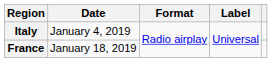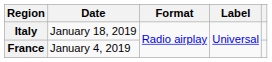 <table class="wikitable plainrowheaders">
 <tr>
 <th scope="col">Region</th>
 <th scope="col">Date</th>
 <th scope="col">Format</th>
 <th scope="col">Label</th>
 <th scope="col"></th>
 </tr>
 <tr>
 <th scope="row">Italy</th>
-<td>January 4, 2019</td>
+<td>January 18, 2019</td>
 <td rowspan="2"><a href='#'>Radio airplay</a></td>
 <td rowspan="2"><a href='#'>Universal</a></td>
 <td style="text-align:center"></td>
 </tr>
 <tr>
 <th scope="row">France</th>
-<td>January 18, 2019</td>
+<td>January 4, 2019</td>
 <td style="text-align:center"></td>
 </tr>
 </table>
